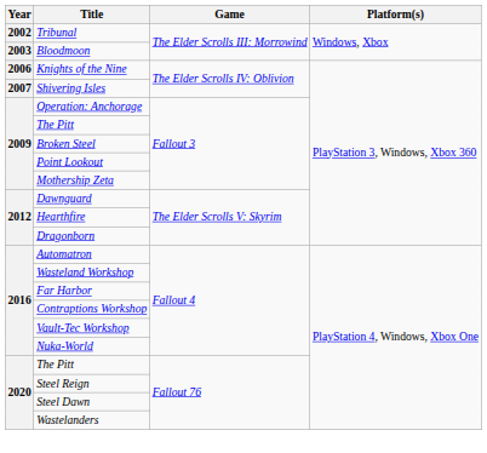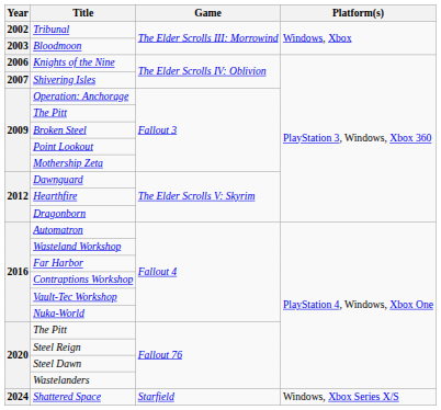 <table class="wikitable sortable plainrowheaders">
 <tr>
 <th scope="col">Year</th>
 <th scope="col">Title</th>
 <th scope="col">Game</th>
 <th scope="col">Platform(s)</th>
 </tr>
 <tr>
 <th scope="row">2002</th>
 <td><em><a href='#'>Tribunal</a></em></td>
 <td rowspan="2"><em><a href='#'>The Elder Scrolls III: Morrowind</a></em></td>
 <td rowspan="2"><a href='#'>Windows</a>, <a href='#'>Xbox</a></td>
 </tr>
 <tr>
 <th scope="row">2003</th>
 <td><em><a href='#'>Bloodmoon</a></em></td>
 </tr>
 <tr>
 <th scope="row">2006</th>
 <td><em><a href='#'>Knights of the Nine</a></em></td>
 <td rowspan="2"><em><a href='#'>The Elder Scrolls IV: Oblivion</a></em></td>
 <td rowspan="10"><a href='#'>PlayStation 3</a>, Windows, <a href='#'>Xbox 360</a></td>
 </tr>
 <tr>
 <th scope="row">2007</th>
 <td><em><a href='#'>Shivering Isles</a></em></td>
 </tr>
 <tr>
 <th scope="row" rowspan="5">2009</th>
 <td><em><a href='#'>Operation: Anchorage</a></em></td>
 <td rowspan="5"><em><a href='#'>Fallout 3</a></em></td>
 </tr>
 <tr>
 <td><em><a href='#'>The Pitt</a></em></td>
 </tr>
 <tr>
 <td><em><a href='#'>Broken Steel</a></em></td>
 </tr>
 <tr>
 <td><em><a href='#'>Point Lookout</a></em></td>
 </tr>
 <tr>
 <td><em><a href='#'>Mothership Zeta</a></em></td>
 </tr>
 <tr>
 <th scope="row" rowspan="3">2012</th>
 <td><em><a href='#'>Dawnguard</a></em></td>
 <td rowspan="3"><em><a href='#'>The Elder Scrolls V: Skyrim</a></em></td>
 </tr>
 <tr>
 <td><em><a href='#'>Hearthfire</a></em></td>
 </tr>
 <tr>
 <td><em><a href='#'>Dragonborn</a></em></td>
 </tr>
 <tr>
 <th scope="row" rowspan="6">2016</th>
 <td><em><a href='#'>Automatron</a></em></td>
 <td rowspan="6"><em><a href='#'>Fallout 4</a></em></td>
 <td rowspan="10"><a href='#'>PlayStation 4</a>, Windows, <a href='#'>Xbox One</a></td>
 </tr>
 <tr>
 <td><em><a href='#'>Wasteland Workshop</a></em></td>
 </tr>
 <tr>
 <td><em><a href='#'>Far Harbor</a></em></td>
 </tr>
 <tr>
 <td><em><a href='#'>Contraptions Workshop</a></em></td>
 </tr>
 <tr>
 <td><em><a href='#'>Vault-Tec Workshop</a></em></td>
 </tr>
 <tr>
 <td><em><a href='#'>Nuka-World</a></em></td>
 </tr>
 <tr>
 <th scope="row" rowspan="4">2020</th>
 <td><em>The Pitt</em></td>
 <td rowspan="4"><em><a href='#'>Fallout 76</a></em></td>
 </tr>
 <tr>
 <td><em>Steel Reign</em></td>
 </tr>
 <tr>
 <td><em>Steel Dawn</em></td>
 </tr>
 <tr>
 <td><em>Wastelanders</em></td>
 </tr>
+<tr>
+<th scope="row">2024</th>
+<td><em><a href='#'>Shattered Space</a></em></td>
+<td><em><a href='#'>Starfield</a></em></td>
+<td>Windows, <a href='#'>Xbox Series X/S</a></td>
+</tr>
 </table>
